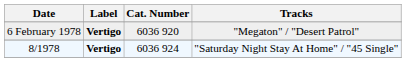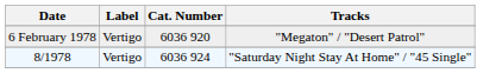 <table class="wikitable"|width=100%>
 <tr bgcolor="#CCCCCC">
 <th align="center" valign="bottom">Date</th>
 <th align="lcenter" valign="bottom">Label</th>
 <th align="center" valign="bottom">Cat. Number</th>
 <th align="center" valign="bottom">Tracks</th>
 </tr>
 <tr>
 </tr>
 <tr bgcolor="#efefef">
 <td align="center" valign="top">6 February 1978</td>
-<td align="center" valign="top"><strong>Vertigo</strong></td>
+<td align="center" valign="top">Vertigo</td>
 <td align="center" valign="top">6036 920</td>
 <td align="center" valign="top">"Megaton" / "Desert Patrol"</td>
 </tr>
 <tr>
 </tr>
 <tr bgcolor="#F0F8FF">
 <td align="center" valign="top">8/1978</td>
-<td align="center" valign="top"><strong>Vertigo</strong></td>
+<td align="center" valign="top">Vertigo</td>
 <td align="center" valign="top">6036 924</td>
 <td align="center" valign="top">"Saturday Night Stay At Home" / "45 Single"</td>
 </tr>
 <tr>
 </tr>
 </table>
